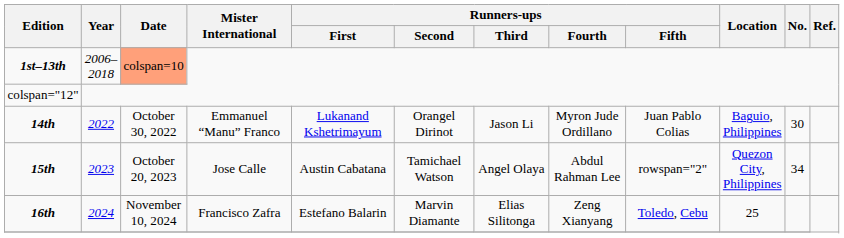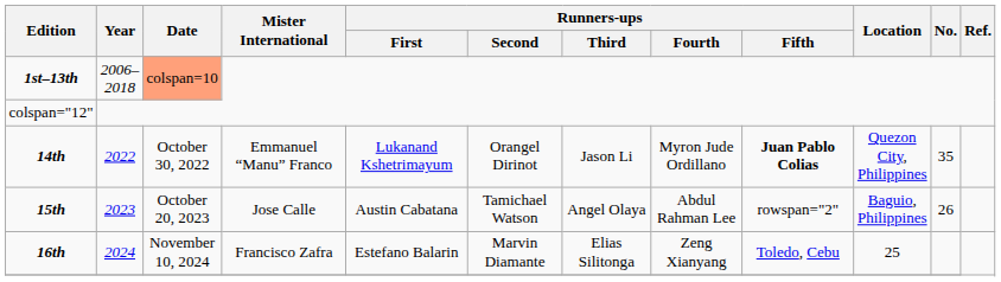 <table class="wikitable sortable" style="font-size: 85%; text-align:center;">
 <tr>
 <th rowspan="2">Edition</th>
 <th rowspan="2">Year</th>
 <th rowspan="2">Date</th>
 <th rowspan="2" width="400">Mister International</th>
 <th colspan="5">Runners-ups</th>
 <th rowspan="2">Location</th>
 <th rowspan="2">No.</th>
 <th rowspan="2">Ref.</th>
 </tr>
 <tr>
 <th width="320">First</th>
 <th width="320">Second</th>
 <th width="320">Third</th>
 <th width="320">Fourth</th>
 <th width="320">Fifth</th>
 </tr>
 <tr>
 <td><strong><em>1st–13th</em></strong></td>
 <td><em>2006–2018</em></td>
 <td style="background: lightsalmon;">colspan=10</td>
 </tr>
 <tr>
 <td>colspan="12" </td>
 </tr>
 <tr>
 <td><strong><em>14th</em></strong></td>
 <td><a href='#'><em>2022</em></a></td>
 <td>October 30, 2022</td>
 <td>Emmanuel “Manu” Franco<br></td>
 <td><a href='#'>Lukanand Kshetrimayum</a> <br></td>
 <td>Orangel Dirinot<br></td>
 <td>Jason Li<br></td>
 <td>Myron Jude Ordillano<br></td>
-<td>Juan Pablo Colias<br></td>
-<td><a href='#'>Baguio</a>, <a href='#'>Philippines</a></td>
-<td>30</td>
+<td><strong>Juan Pablo Colias<br></strong></td>
+<td><a href='#'>Quezon City</a>, <a href='#'>Philippines</a></td>
+<td>35</td>
 <td></td>
 </tr>
 <tr>
 <td><strong><em>15th</em></strong></td>
 <td><a href='#'><em>2023</em></a></td>
 <td>October 20, 2023</td>
 <td>Jose Calle<br></td>
 <td>Austin Cabatana<br></td>
 <td>Tamichael Watson<br></td>
 <td>Angel Olaya<br></td>
 <td>Abdul Rahman Lee<br></td>
 <td>rowspan="2"</td>
-<td><a href='#'>Quezon City</a>, <a href='#'>Philippines</a></td>
-<td>34</td>
+<td><a href='#'>Baguio</a>, <a href='#'>Philippines</a></td>
+<td>26</td>
 <td></td>
 </tr>
 <tr>
 <td><strong><em>16th</em></strong></td>
 <td><em><a href='#'>2024</a></em></td>
 <td>November 10, 2024</td>
 <td>Francisco Zafra<br></td>
 <td>Estefano Balarin<br></td>
 <td>Marvin Diamante<br></td>
 <td>Elias Silitonga<br></td>
 <td>Zeng Xianyang<br></td>
 <td><a href='#'>Toledo</a>, <a href='#'>Cebu</a></td>
 <td>25</td>
 <td></td>
 </tr>
 <tr>
 </tr>
 </table>
